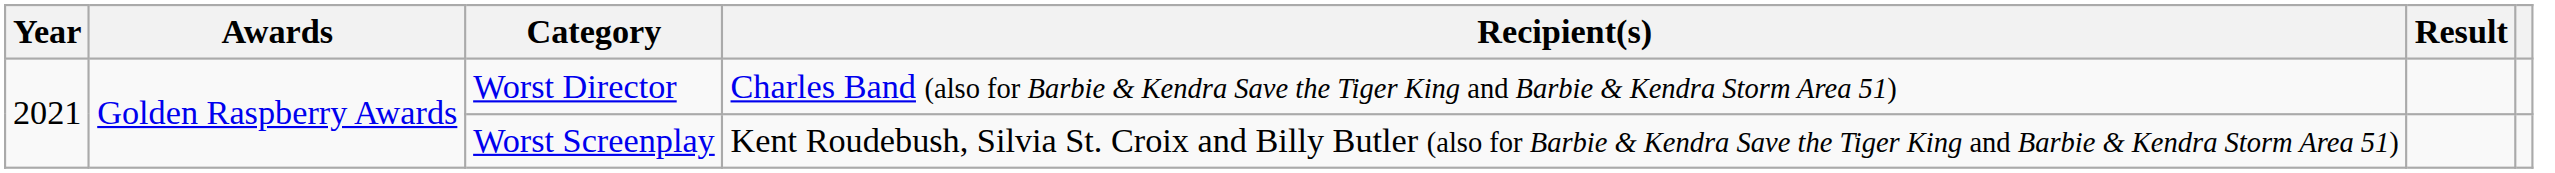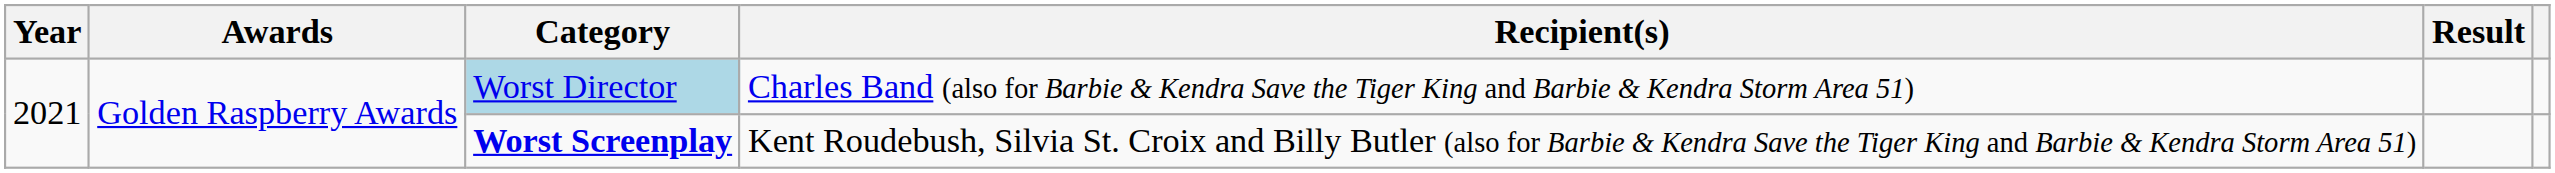 <table class="wikitable">
 <tr>
 <th>Year</th>
 <th>Awards</th>
 <th>Category</th>
 <th>Recipient(s)</th>
 <th>Result</th>
 <th class=unsortable></th>
 </tr>
 <tr>
 <td rowspan="2">2021</td>
 <td rowspan="2"><a href='#'>Golden Raspberry Awards</a></td>
-<td><a href='#'>Worst Director</a></td>
+<td style="background: lightblue;"><a href='#'>Worst Director</a></td>
 <td><a href='#'>Charles Band</a> <small>(also for <em>Barbie & Kendra Save the Tiger King</em> and <em>Barbie & Kendra Storm Area 51</em>)</small></td>
 <td></td>
 <td></td>
 </tr>
 <tr>
-<td><a href='#'>Worst Screenplay</a></td>
+<td><strong><a href='#'>Worst Screenplay</a></strong></td>
 <td>Kent Roudebush, Silvia St. Croix and Billy Butler <small>(also for <em>Barbie & Kendra Save the Tiger King</em> and <em>Barbie & Kendra Storm Area 51</em>)</small></td>
 <td></td>
 <td></td>
 </tr>
 </table>
